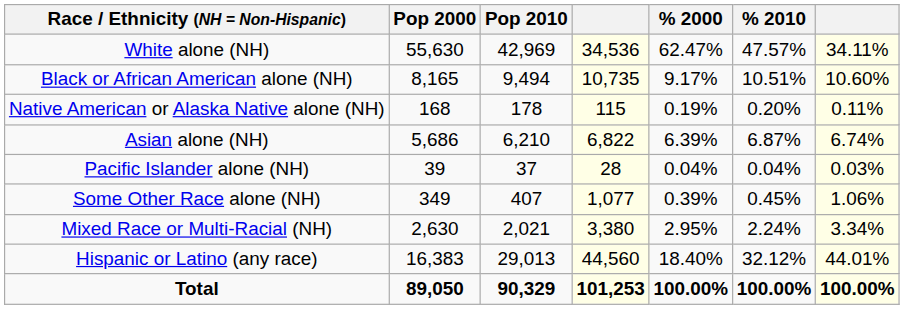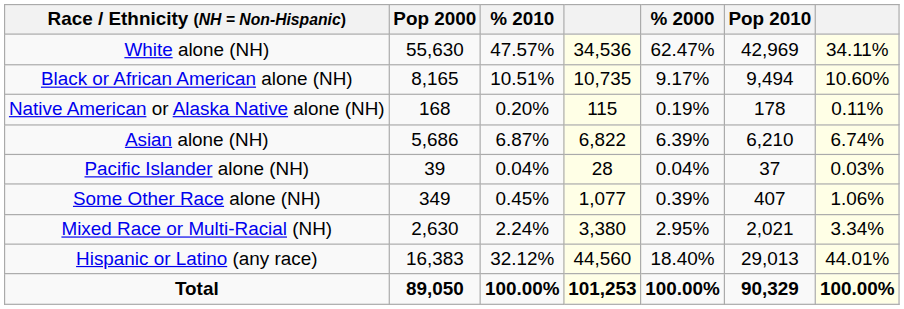 <table class="wikitable" style="text-align:center;">
 <tr>
 <th>Race / Ethnicity <small>(<em>NH = Non-Hispanic</em>)</small></th>
 <th>Pop 2000</th>
-<th>Pop 2010</th>
+<th>% 2010</th>
 <th></th>
 <th>% 2000</th>
-<th>% 2010</th>
+<th>Pop 2010</th>
 <th></th>
 </tr>
 <tr>
 <td><a href='#'>White</a> alone (NH)</td>
 <td>55,630</td>
-<td>42,969</td>
+<td>47.57%</td>
 <td style='background: #ffffe6;'>34,536</td>
 <td>62.47%</td>
-<td>47.57%</td>
+<td>42,969</td>
 <td style='background: #ffffe6;'>34.11%</td>
 </tr>
 <tr>
 <td><a href='#'>Black or African American</a> alone (NH)</td>
 <td>8,165</td>
-<td>9,494</td>
+<td>10.51%</td>
 <td style='background: #ffffe6;'>10,735</td>
 <td>9.17%</td>
-<td>10.51%</td>
+<td>9,494</td>
 <td style='background: #ffffe6;'>10.60%</td>
 </tr>
 <tr>
 <td><a href='#'>Native American</a> or <a href='#'>Alaska Native</a> alone (NH)</td>
 <td>168</td>
-<td>178</td>
+<td>0.20%</td>
 <td style='background: #ffffe6;'>115</td>
 <td>0.19%</td>
-<td>0.20%</td>
+<td>178</td>
 <td style='background: #ffffe6;'>0.11%</td>
 </tr>
 <tr>
 <td><a href='#'>Asian</a> alone (NH)</td>
 <td>5,686</td>
-<td>6,210</td>
+<td>6.87%</td>
 <td style='background: #ffffe6;'>6,822</td>
 <td>6.39%</td>
-<td>6.87%</td>
+<td>6,210</td>
 <td style='background: #ffffe6;'>6.74%</td>
 </tr>
 <tr>
 <td><a href='#'>Pacific Islander</a> alone (NH)</td>
 <td>39</td>
-<td>37</td>
+<td>0.04%</td>
 <td style='background: #ffffe6;'>28</td>
 <td>0.04%</td>
-<td>0.04%</td>
+<td>37</td>
 <td style='background: #ffffe6;'>0.03%</td>
 </tr>
 <tr>
 <td><a href='#'>Some Other Race</a> alone (NH)</td>
 <td>349</td>
-<td>407</td>
+<td>0.45%</td>
 <td style='background: #ffffe6;'>1,077</td>
 <td>0.39%</td>
-<td>0.45%</td>
+<td>407</td>
 <td style='background: #ffffe6;'>1.06%</td>
 </tr>
 <tr>
 <td><a href='#'>Mixed Race or Multi-Racial</a> (NH)</td>
 <td>2,630</td>
-<td>2,021</td>
+<td>2.24%</td>
 <td style='background: #ffffe6;'>3,380</td>
 <td>2.95%</td>
-<td>2.24%</td>
+<td>2,021</td>
 <td style='background: #ffffe6;'>3.34%</td>
 </tr>
 <tr>
 <td><a href='#'>Hispanic or Latino</a> (any race)</td>
 <td>16,383</td>
-<td>29,013</td>
+<td>32.12%</td>
 <td style='background: #ffffe6;'>44,560</td>
 <td>18.40%</td>
-<td>32.12%</td>
+<td>29,013</td>
 <td style='background: #ffffe6;'>44.01%</td>
 </tr>
 <tr>
 <td><strong>Total</strong></td>
 <td><strong>89,050</strong></td>
-<td><strong>90,329</strong></td>
+<td><strong>100.00%</strong></td>
 <td style='background: #ffffe6;'><strong>101,253</strong></td>
 <td><strong>100.00%</strong></td>
-<td><strong>100.00%</strong></td>
+<td><strong>90,329</strong></td>
 <td style='background: #ffffe6;'><strong>100.00%</strong></td>
 </tr>
 </table>
